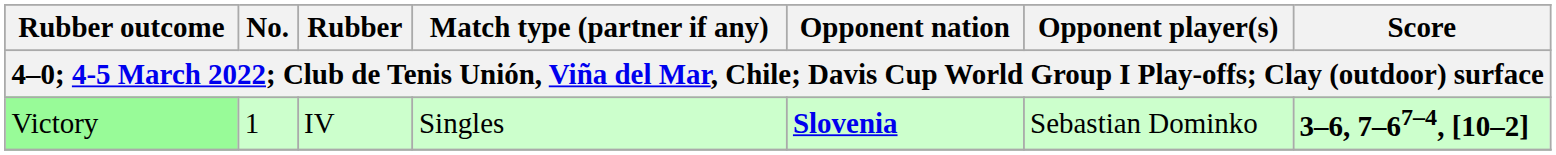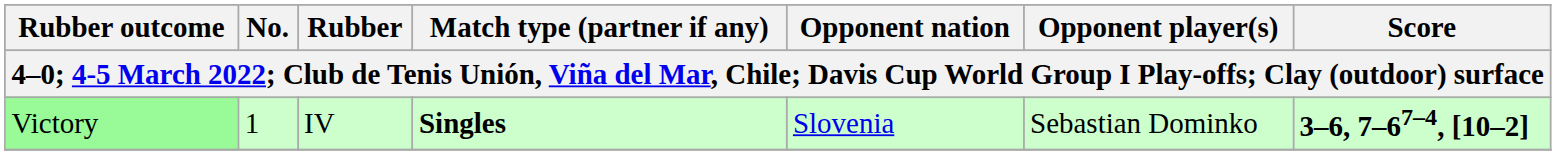 <table class=wikitable>
 <tr>
 <th>Rubber outcome</th>
 <th>No.</th>
 <th>Rubber</th>
 <th>Match type (partner if any)</th>
 <th>Opponent nation</th>
 <th>Opponent player(s)</th>
 <th>Score</th>
 </tr>
 <tr>
 <th colspan=7>4–0; <a href='#'>4-5 March 2022</a>; Club de Tenis Unión, <a href='#'>Viña del Mar</a>, Chile; Davis Cup World Group I Play-offs; Clay (outdoor) surface</th>
 </tr>
 <tr bgcolor=#CCFFCC>
 <td bgcolor=98FB98>Victory</td>
 <td>1</td>
 <td>IV</td>
-<td>Singles</td>
-<td><strong> <a href='#'>Slovenia</a></strong></td>
+<td><strong>Singles</strong></td>
+<td> <a href='#'>Slovenia</a></td>
 <td>Sebastian Dominko</td>
 <td><strong>3–6, 7–6<sup>7–4</sup>, [10–2]</strong></td>
 </tr>
 <tr>
 </tr>
 </table>
